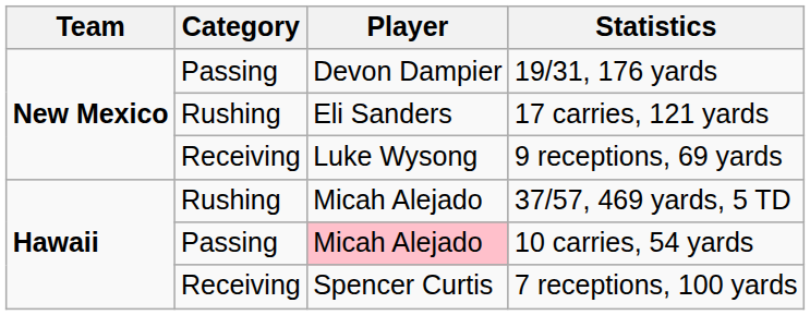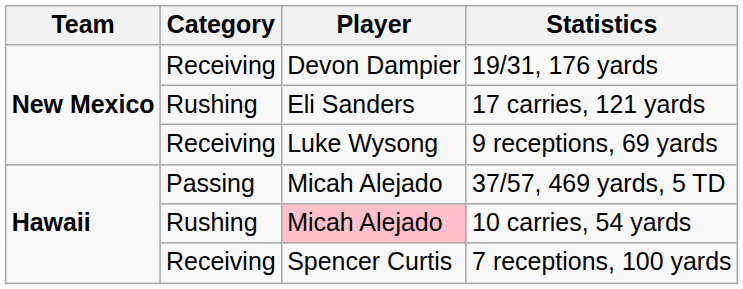 <table class="wikitable" style="float: right;">
 <tr>
 <th>Team</th>
 <th>Category</th>
 <th>Player</th>
 <th>Statistics</th>
 </tr>
 <tr>
 <td rowspan=3><strong>New Mexico</strong></td>
-<td>Passing</td>
+<td>Receiving</td>
 <td>Devon Dampier</td>
 <td>19/31, 176 yards</td>
 </tr>
 <tr>
 <td>Rushing</td>
 <td>Eli Sanders</td>
 <td>17 carries, 121 yards</td>
 </tr>
 <tr>
 <td>Receiving</td>
 <td>Luke Wysong</td>
 <td>9 receptions, 69 yards</td>
 </tr>
 <tr>
 <td rowspan=3><strong>Hawaii</strong></td>
-<td>Rushing</td>
+<td>Passing</td>
 <td>Micah Alejado</td>
 <td>37/57, 469 yards, 5 TD</td>
 </tr>
 <tr>
-<td>Passing</td>
+<td>Rushing</td>
 <td style="background: pink;">Micah Alejado</td>
 <td>10 carries, 54 yards</td>
 </tr>
 <tr>
 <td>Receiving</td>
 <td>Spencer Curtis</td>
 <td>7 receptions, 100 yards</td>
 </tr>
 </table>
